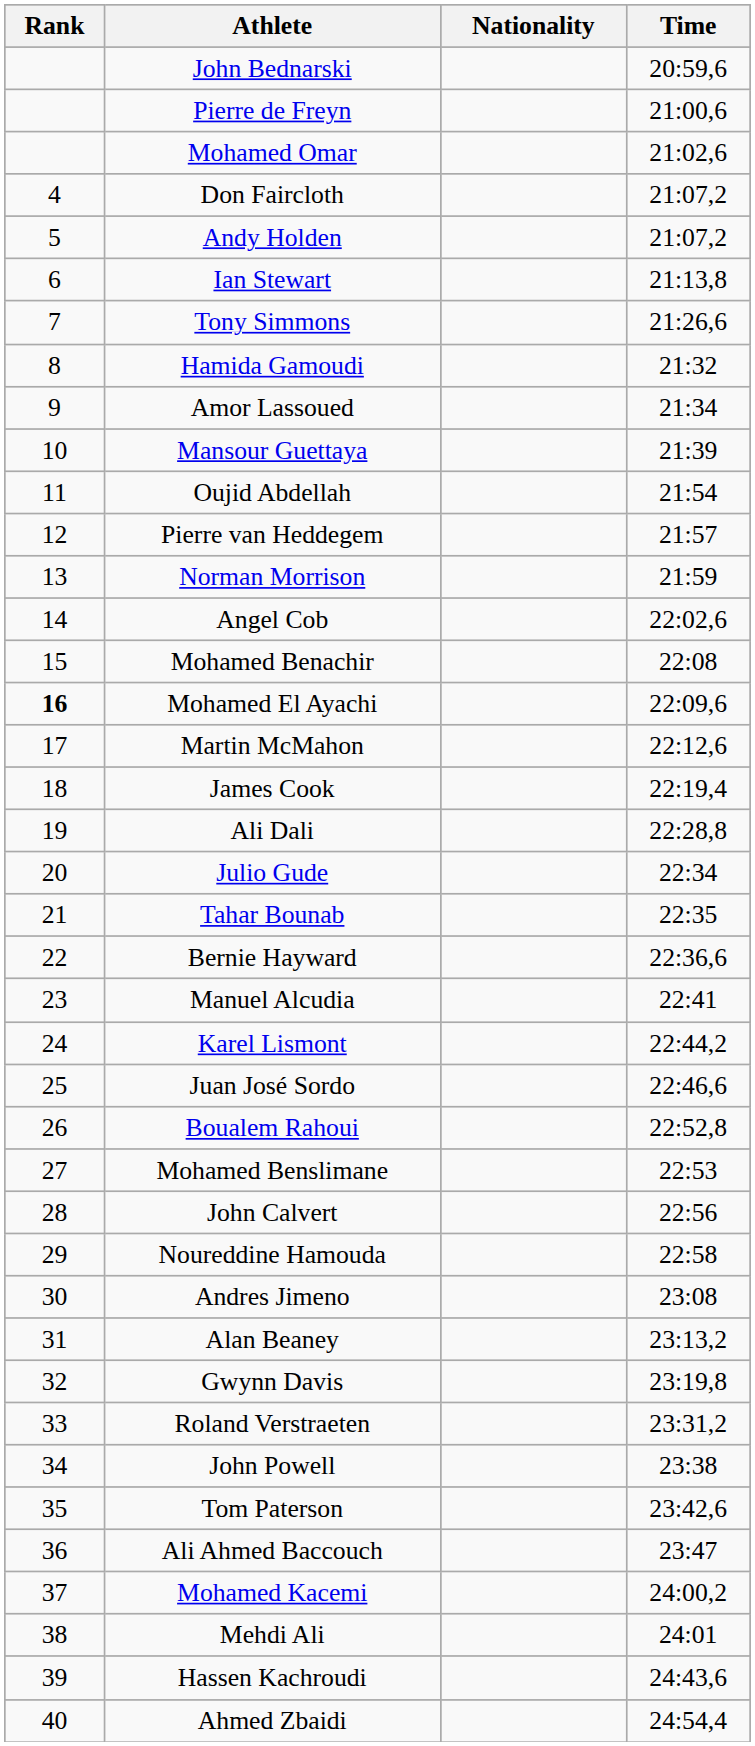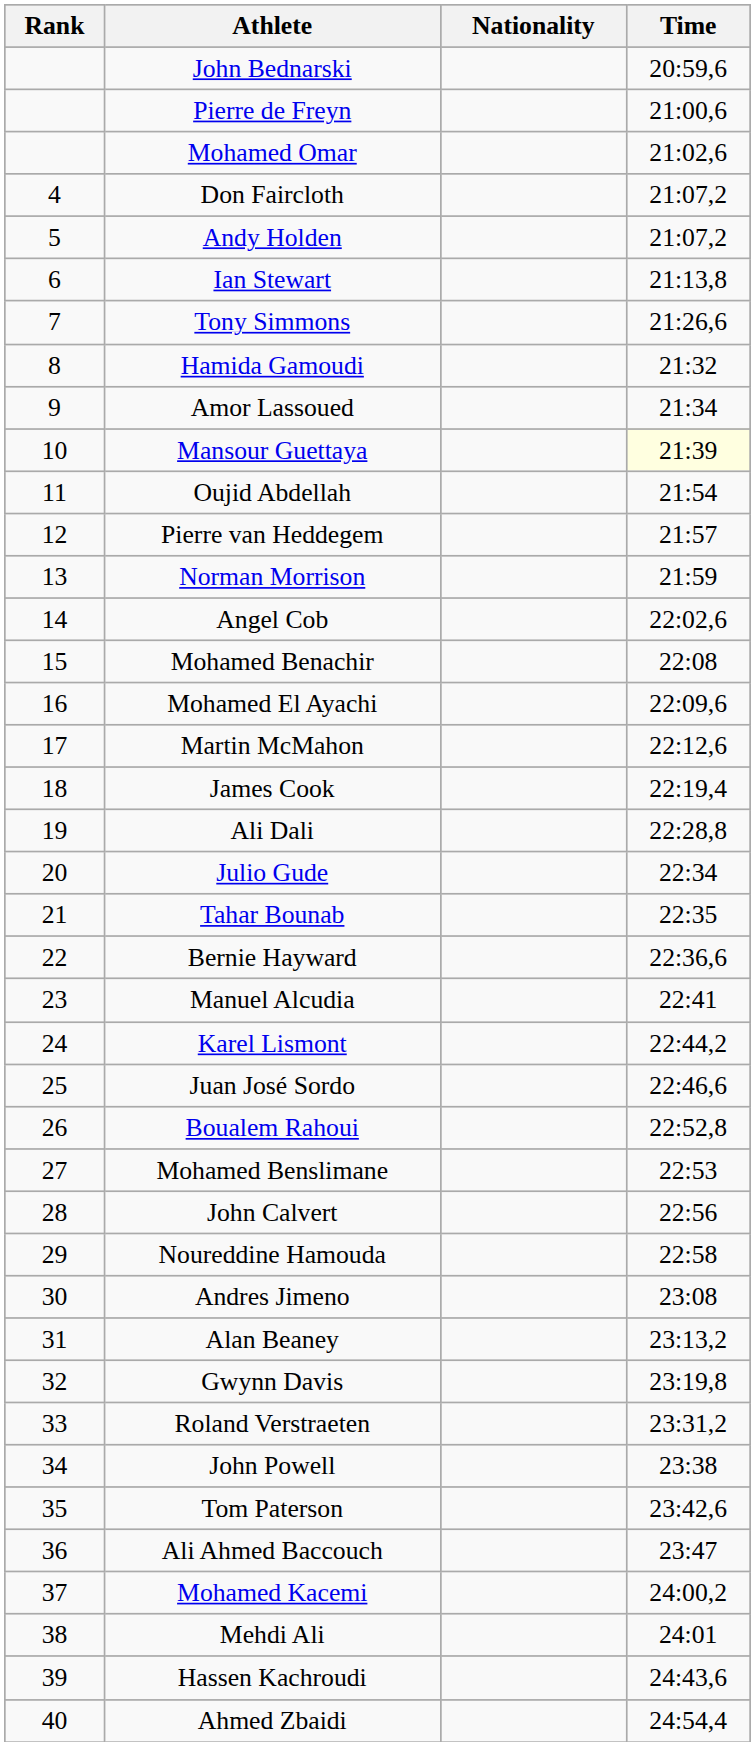 <table class="wikitable sortable" style=" text-align:center; font-size:95%;" width="50%">
 <tr>
 <th>Rank</th>
 <th>Athlete</th>
 <th>Nationality</th>
 <th>Time</th>
 </tr>
 <tr>
 <td align=center></td>
 <td><a href='#'>John Bednarski</a></td>
 <td></td>
 <td>20:59,6</td>
 </tr>
 <tr>
 <td align=center></td>
 <td><a href='#'>Pierre de Freyn</a></td>
 <td></td>
 <td>21:00,6</td>
 </tr>
 <tr>
 <td align=center></td>
 <td><a href='#'>Mohamed Omar</a></td>
 <td></td>
 <td>21:02,6</td>
 </tr>
 <tr>
 <td align=center>4</td>
 <td>Don Faircloth</td>
 <td></td>
 <td>21:07,2</td>
 </tr>
 <tr>
 <td align=center>5</td>
 <td><a href='#'>Andy Holden</a></td>
 <td></td>
 <td>21:07,2</td>
 </tr>
 <tr>
 <td align=center>6</td>
 <td><a href='#'>Ian Stewart</a></td>
 <td></td>
 <td>21:13,8</td>
 </tr>
 <tr>
 <td align=center>7</td>
 <td><a href='#'>Tony Simmons</a></td>
 <td></td>
 <td>21:26,6</td>
 </tr>
 <tr>
 <td align=center>8</td>
 <td><a href='#'>Hamida Gamoudi</a></td>
 <td></td>
 <td>21:32</td>
 </tr>
 <tr>
 <td align=center>9</td>
 <td>Amor Lassoued</td>
 <td></td>
 <td>21:34</td>
 </tr>
 <tr>
 <td align=center>10</td>
 <td><a href='#'>Mansour Guettaya</a></td>
 <td></td>
-<td>21:39</td>
+<td style="background: lightyellow;">21:39</td>
 </tr>
 <tr>
 <td align=center>11</td>
 <td>Oujid Abdellah</td>
 <td></td>
 <td>21:54</td>
 </tr>
 <tr>
 <td align=center>12</td>
 <td>Pierre van Heddegem</td>
 <td></td>
 <td>21:57</td>
 </tr>
 <tr>
 <td align=center>13</td>
 <td><a href='#'>Norman Morrison</a></td>
 <td></td>
 <td>21:59</td>
 </tr>
 <tr>
 <td align=center>14</td>
 <td>Angel Cob</td>
 <td></td>
 <td>22:02,6</td>
 </tr>
 <tr>
 <td align=center>15</td>
 <td>Mohamed Benachir</td>
 <td></td>
 <td>22:08</td>
 </tr>
 <tr>
-<td align=center><strong>16</strong></td>
+<td align=center>16</td>
 <td>Mohamed El Ayachi</td>
 <td></td>
 <td>22:09,6</td>
 </tr>
 <tr>
 <td align=center>17</td>
 <td>Martin McMahon</td>
 <td></td>
 <td>22:12,6</td>
 </tr>
 <tr>
 <td align=center>18</td>
 <td>James Cook</td>
 <td></td>
 <td>22:19,4</td>
 </tr>
 <tr>
 <td align=center>19</td>
 <td>Ali Dali</td>
 <td></td>
 <td>22:28,8</td>
 </tr>
 <tr>
 <td align=center>20</td>
 <td><a href='#'>Julio Gude</a></td>
 <td></td>
 <td>22:34</td>
 </tr>
 <tr>
 <td align=center>21</td>
 <td><a href='#'>Tahar Bounab</a></td>
 <td></td>
 <td>22:35</td>
 </tr>
 <tr>
 <td align=center>22</td>
 <td>Bernie Hayward</td>
 <td></td>
 <td>22:36,6</td>
 </tr>
 <tr>
 <td align=center>23</td>
 <td>Manuel Alcudia</td>
 <td></td>
 <td>22:41</td>
 </tr>
 <tr>
 <td align=center>24</td>
 <td><a href='#'>Karel Lismont</a></td>
 <td></td>
 <td>22:44,2</td>
 </tr>
 <tr>
 <td align=center>25</td>
 <td>Juan José Sordo</td>
 <td></td>
 <td>22:46,6</td>
 </tr>
 <tr>
 <td align=center>26</td>
 <td><a href='#'>Boualem Rahoui</a></td>
 <td></td>
 <td>22:52,8</td>
 </tr>
 <tr>
 <td align=center>27</td>
 <td>Mohamed Benslimane</td>
 <td></td>
 <td>22:53</td>
 </tr>
 <tr>
 <td align=center>28</td>
 <td>John Calvert</td>
 <td></td>
 <td>22:56</td>
 </tr>
 <tr>
 <td align=center>29</td>
 <td>Noureddine Hamouda</td>
 <td></td>
 <td>22:58</td>
 </tr>
 <tr>
 <td align=center>30</td>
 <td>Andres Jimeno</td>
 <td></td>
 <td>23:08</td>
 </tr>
 <tr>
 <td align=center>31</td>
 <td>Alan Beaney</td>
 <td></td>
 <td>23:13,2</td>
 </tr>
 <tr>
 <td align=center>32</td>
 <td>Gwynn Davis</td>
 <td></td>
 <td>23:19,8</td>
 </tr>
 <tr>
 <td align=center>33</td>
 <td>Roland Verstraeten</td>
 <td></td>
 <td>23:31,2</td>
 </tr>
 <tr>
 <td align=center>34</td>
 <td>John Powell</td>
 <td></td>
 <td>23:38</td>
 </tr>
 <tr>
 <td align=center>35</td>
 <td>Tom Paterson</td>
 <td></td>
 <td>23:42,6</td>
 </tr>
 <tr>
 <td align=center>36</td>
 <td>Ali Ahmed Baccouch</td>
 <td></td>
 <td>23:47</td>
 </tr>
 <tr>
 <td align=center>37</td>
 <td><a href='#'>Mohamed Kacemi</a></td>
 <td></td>
 <td>24:00,2</td>
 </tr>
 <tr>
 <td align=center>38</td>
 <td>Mehdi Ali</td>
 <td></td>
 <td>24:01</td>
 </tr>
 <tr>
 <td align=center>39</td>
 <td>Hassen Kachroudi</td>
 <td></td>
 <td>24:43,6</td>
 </tr>
 <tr>
 <td align=center>40</td>
 <td>Ahmed Zbaidi</td>
 <td></td>
 <td>24:54,4</td>
 </tr>
 </table>
